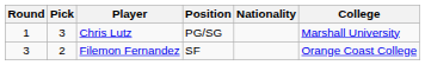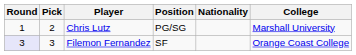 <table class="wikitable sortable sortable">
 <tr>
 <th>Round</th>
 <th>Pick</th>
 <th>Player</th>
 <th>Position</th>
 <th>Nationality</th>
 <th>College</th>
 </tr>
 <tr>
 <td align=center>1</td>
-<td align=center>3</td>
+<td align=center>2</td>
 <td><a href='#'>Chris Lutz</a></td>
 <td>PG/SG</td>
 <td></td>
 <td><a href='#'>Marshall University</a></td>
 </tr>
 <tr>
+<td align=center style="background: lavender;">3</td>
 <td align=center>3</td>
-<td align=center>2</td>
 <td><a href='#'>Filemon Fernandez</a></td>
 <td>SF</td>
 <td></td>
 <td><a href='#'>Orange Coast College</a></td>
 </tr>
 </table>
